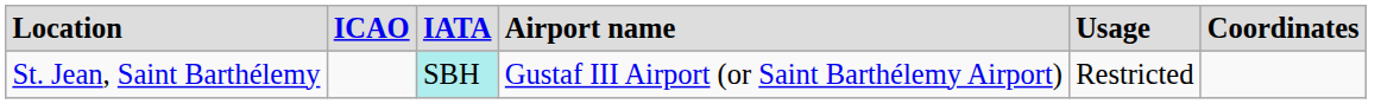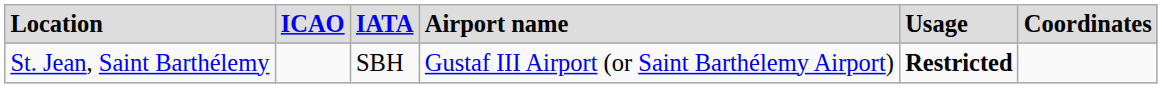 <table class="wikitable">
 <tr valign=top style="font-weight:bold; background-color: #DDDDDD">
 <td>Location</td>
 <td><a href='#'>ICAO</a></td>
 <td><a href='#'>IATA</a></td>
 <td>Airport name</td>
 <td>Usage</td>
 <td>Coordinates</td>
 </tr>
 <tr valign=top>
 <td><a href='#'>St. Jean</a>, <a href='#'>Saint Barthélemy</a></td>
 <td></td>
-<td style="background: paleturquoise;">SBH</td>
+<td>SBH</td>
 <td><a href='#'>Gustaf III Airport</a> (or <a href='#'>Saint Barthélemy Airport</a>)</td>
-<td>Restricted</td>
+<td><strong>Restricted</strong></td>
 <td><small></small></td>
 </tr>
 </table>
